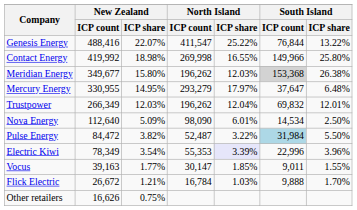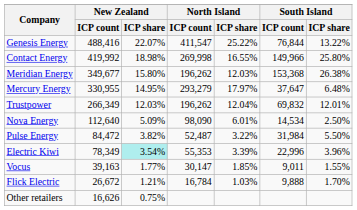 <table class="wikitable sortable" style="text-align:right;">
 <tr>
 </tr>
 <tr>
 <th rowspan=2>Company</th>
 <th colspan=2>New Zealand</th>
 <th colspan=2>North Island</th>
 <th colspan=2>South Island</th>
 </tr>
 <tr>
 <th>ICP count</th>
 <th>ICP share</th>
 <th>ICP count</th>
 <th>ICP share</th>
 <th>ICP count</th>
 <th>ICP share</th>
 </tr>
 <tr>
 <td style="text-align:left;"><a href='#'>Genesis Energy</a></td>
 <td>488,416</td>
 <td>22.07%</td>
 <td>411,547</td>
 <td>25.22%</td>
 <td>76,844</td>
 <td>13.22%</td>
 </tr>
 <tr>
 <td style="text-align:left;"><a href='#'>Contact Energy</a></td>
 <td>419,992</td>
 <td>18.98%</td>
 <td>269,998</td>
 <td>16.55%</td>
 <td>149,966</td>
 <td>25.80%</td>
 </tr>
 <tr>
 <td style="text-align:left;"><a href='#'>Meridian Energy</a></td>
 <td>349,677</td>
 <td>15.80%</td>
 <td>196,262</td>
 <td>12.03%</td>
-<td style="background: lightgrey;">153,368</td>
+<td>153,368</td>
 <td>26.38%</td>
 </tr>
 <tr>
 <td style="text-align:left;"><a href='#'>Mercury Energy</a></td>
 <td>330,955</td>
 <td>14.95%</td>
 <td>293,279</td>
 <td>17.97%</td>
 <td>37,647</td>
 <td>6.48%</td>
 </tr>
 <tr>
 <td style="text-align:left;"><a href='#'>Trustpower</a></td>
 <td>266,349</td>
 <td>12.03%</td>
 <td>196,262</td>
 <td>12.04%</td>
 <td>69,832</td>
 <td>12.01%</td>
 </tr>
 <tr>
 <td style="text-align:left;"><a href='#'>Nova Energy</a></td>
 <td>112,640</td>
 <td>5.09%</td>
 <td>98,090</td>
 <td>6.01%</td>
 <td>14,534</td>
 <td>2.50%</td>
 </tr>
 <tr>
 <td style="text-align:left;"><a href='#'>Pulse Energy</a></td>
 <td>84,472</td>
 <td>3.82%</td>
 <td>52,487</td>
 <td>3.22%</td>
-<td style="background: lightblue;">31,984</td>
+<td>31,984</td>
 <td>5.50%</td>
 </tr>
 <tr>
 <td style="text-align:left;"><a href='#'>Electric Kiwi</a></td>
 <td>78,349</td>
-<td>3.54%</td>
+<td style="background: paleturquoise;">3.54%</td>
 <td>55,353</td>
-<td style="background: lavender;">3.39%</td>
+<td>3.39%</td>
 <td>22,996</td>
 <td>3.96%</td>
 </tr>
 <tr>
 <td style="text-align:left;"><a href='#'>Vocus</a></td>
 <td>39,163</td>
 <td>1.77%</td>
 <td>30,147</td>
 <td>1.85%</td>
 <td>9,011</td>
 <td>1.55%</td>
 </tr>
 <tr>
 <td style="text-align:left;"><a href='#'>Flick Electric</a></td>
 <td>26,672</td>
 <td>1.21%</td>
 <td>16,784</td>
 <td>1.03%</td>
 <td>9,888</td>
 <td>1.70%</td>
 </tr>
 <tr>
 <td style="text-align:left;">Other retailers</td>
 <td>16,626</td>
 <td>0.75%</td>
 <td></td>
 <td></td>
 <td></td>
 <td></td>
 </tr>
 </table>
